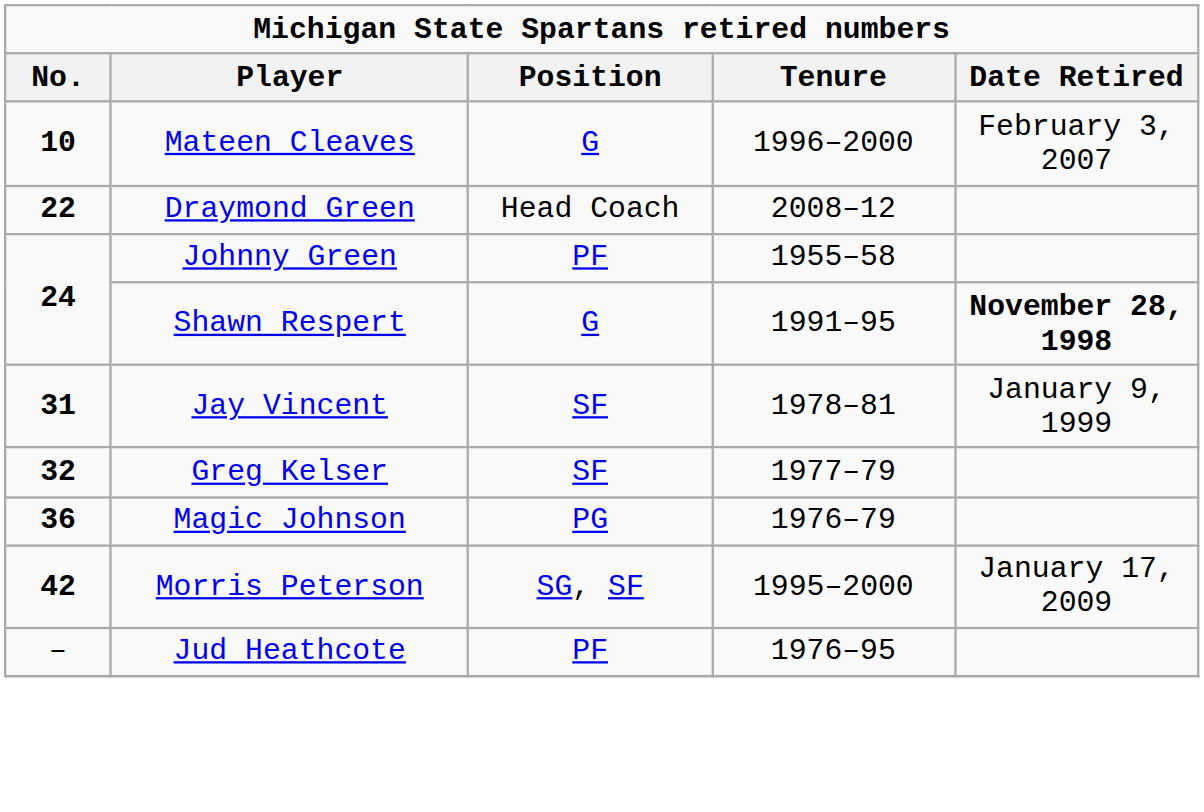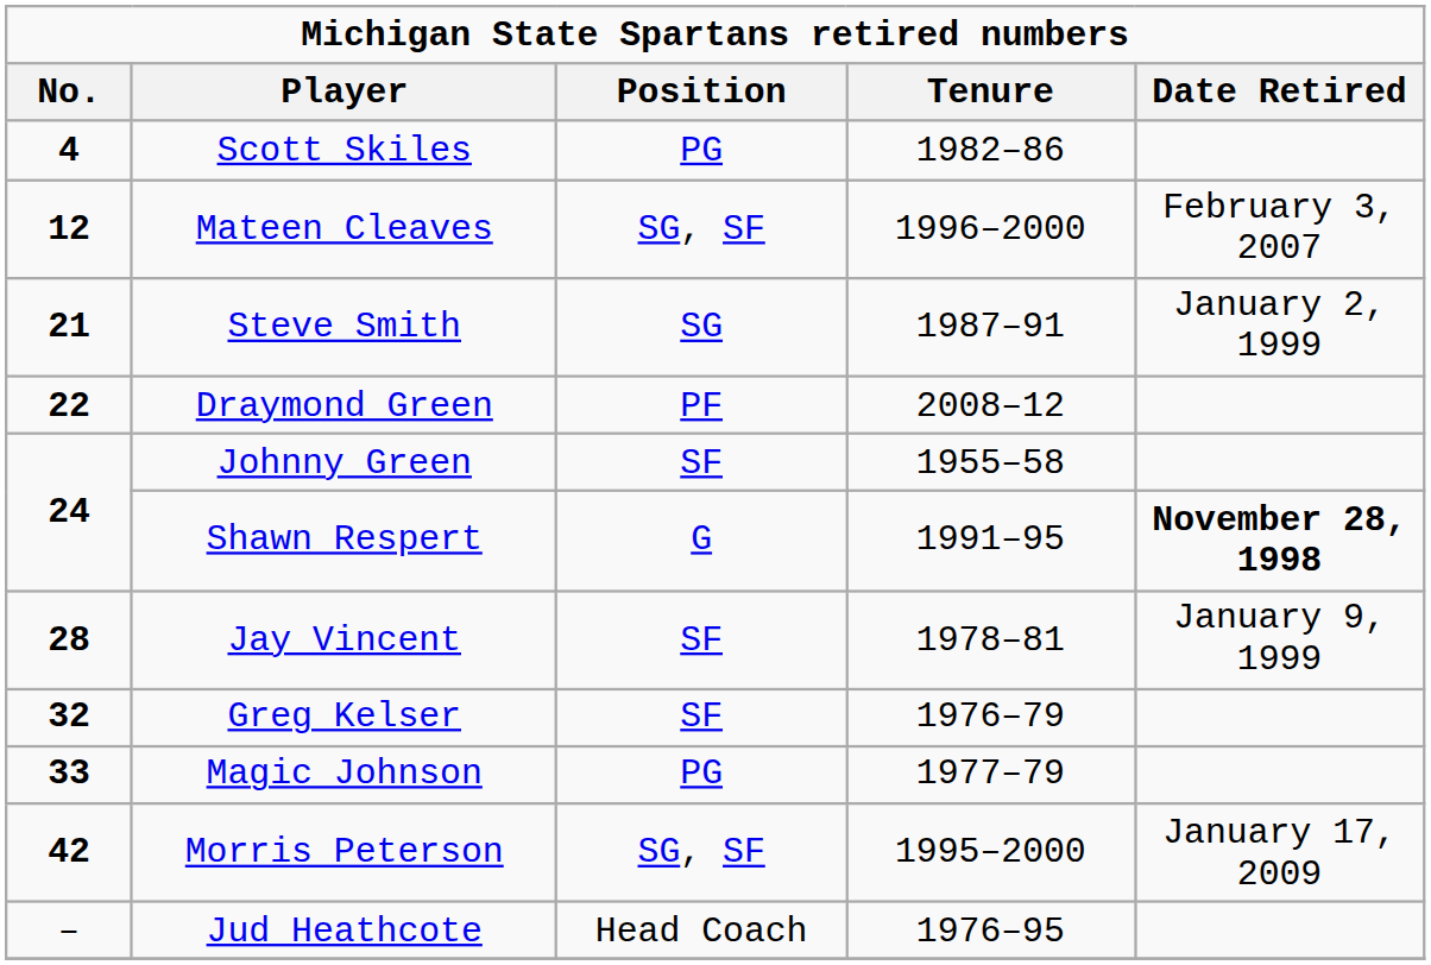 <table class="wikitable sortable" style="text-align:center">
 <tr>
 <td colspan="5" style= ><strong>Michigan State Spartans retired numbers</strong></td>
 </tr>
 <tr>
 <th width=40px style="background:#">No.</th>
 <th width=150px style="background:#">Player</th>
 <th width=100px style="background:#">Position</th>
 <th width=100px style="background:#">Tenure</th>
 <th width=100px style="background:#">Date Retired</th>
 </tr>
 <tr>
-<td><strong>10</strong></td>
+<td><strong>4</strong></td>
+<td><a href='#'>Scott Skiles</a></td>
+<td><a href='#'>PG</a></td>
+<td>1982–86</td>
+<td></td>
+</tr>
+<tr>
+<td><strong>12</strong></td>
 <td><a href='#'>Mateen Cleaves</a></td>
-<td><a href='#'>G</a></td>
+<td><a href='#'>SG</a>, <a href='#'>SF</a></td>
 <td>1996–2000</td>
 <td>February 3, 2007</td>
 </tr>
 <tr>
+<td><strong>21</strong></td>
+<td><a href='#'>Steve Smith</a></td>
+<td><a href='#'>SG</a></td>
+<td>1987–91</td>
+<td>January 2, 1999</td>
+</tr>
+<tr>
 <td><strong>22</strong></td>
 <td><a href='#'>Draymond Green</a></td>
-<td>Head Coach</td>
+<td><a href='#'>PF</a></td>
 <td>2008–12</td>
 <td></td>
 </tr>
 <tr>
 <td rowspan=2><strong>24</strong></td>
 <td><a href='#'>Johnny Green</a></td>
-<td><a href='#'>PF</a></td>
+<td><a href='#'>SF</a></td>
 <td>1955–58</td>
 <td></td>
 </tr>
 <tr>
 <td><a href='#'>Shawn Respert</a></td>
 <td><a href='#'>G</a></td>
 <td>1991–95</td>
 <td><strong>November 28, 1998</strong></td>
 </tr>
 <tr>
-<td><strong>31</strong></td>
+<td><strong>28</strong></td>
 <td><a href='#'>Jay Vincent</a></td>
 <td><a href='#'>SF</a></td>
 <td>1978–81</td>
 <td>January 9, 1999</td>
 </tr>
 <tr>
 <td><strong>32</strong></td>
 <td><a href='#'>Greg Kelser</a></td>
 <td><a href='#'>SF</a></td>
-<td>1977–79</td>
+<td>1976–79</td>
 <td></td>
 </tr>
 <tr>
-<td><strong>36</strong></td>
+<td><strong>33</strong></td>
 <td><a href='#'>Magic Johnson</a></td>
 <td><a href='#'>PG</a></td>
-<td>1976–79</td>
+<td>1977–79</td>
 <td></td>
 </tr>
 <tr>
 <td><strong>42</strong></td>
 <td><a href='#'>Morris Peterson</a></td>
 <td><a href='#'>SG</a>, <a href='#'>SF</a></td>
 <td>1995–2000</td>
 <td>January 17, 2009</td>
 </tr>
 <tr>
 <td>–</td>
 <td><a href='#'>Jud Heathcote</a></td>
-<td><a href='#'>PF</a></td>
+<td>Head Coach</td>
 <td>1976–95</td>
 <td></td>
 </tr>
 <tr>
 </tr>
 </table>
